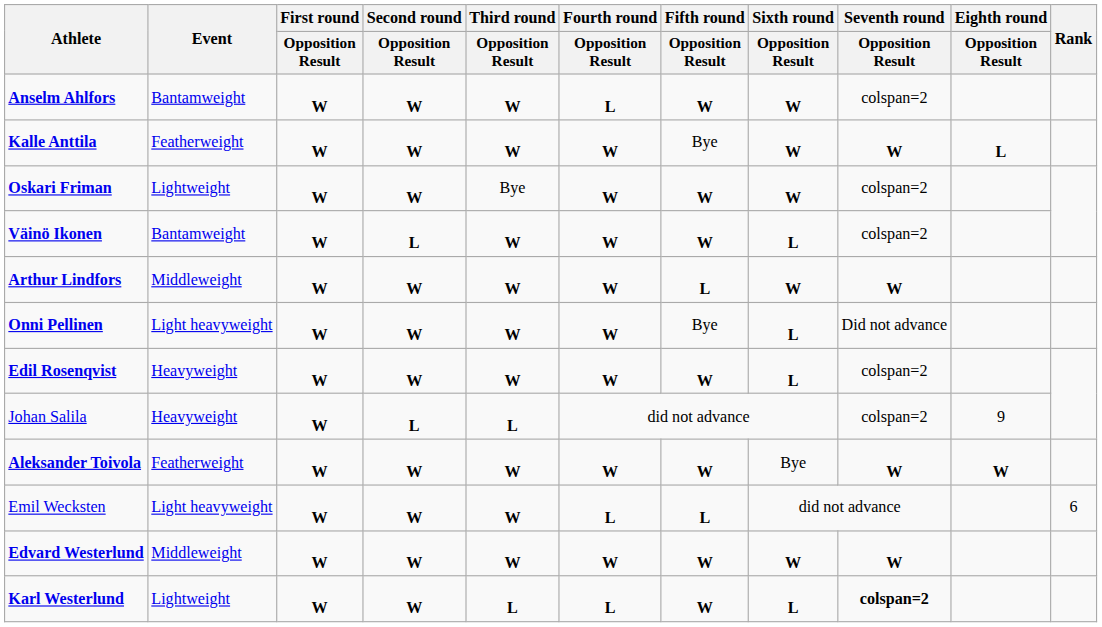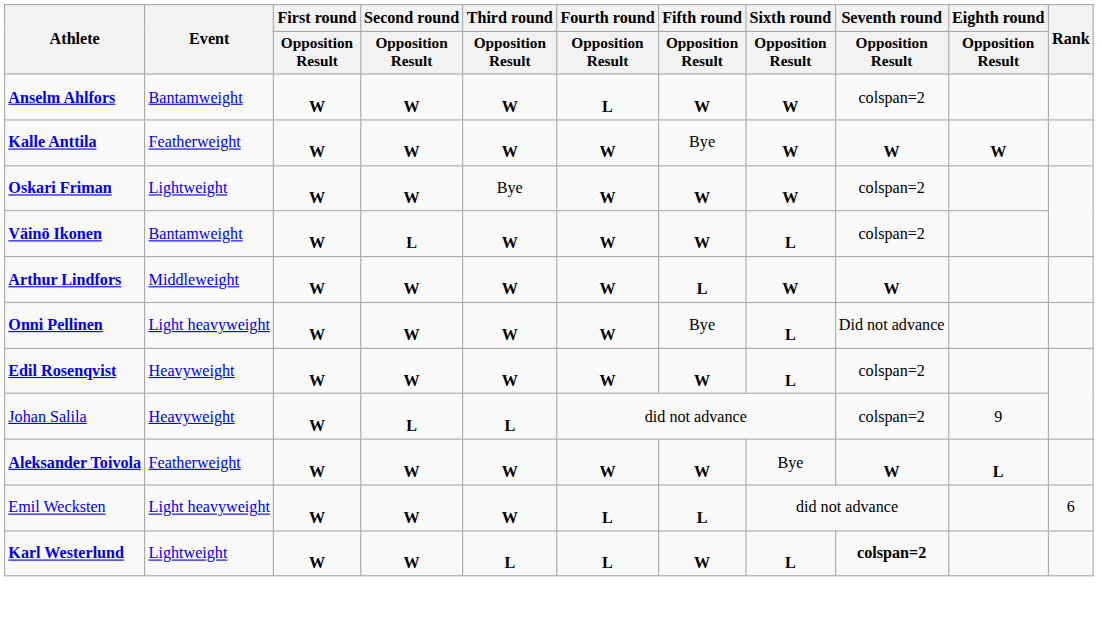 <table class="wikitable" style="font-size:90%;">
 <tr>
 <th rowspan=2>Athlete</th>
 <th rowspan=2>Event</th>
 <th>First round</th>
 <th>Second round</th>
 <th>Third round</th>
 <th>Fourth round</th>
 <th>Fifth round</th>
 <th>Sixth round</th>
 <th>Seventh round</th>
 <th>Eighth round</th>
 <th rowspan=2>Rank</th>
 </tr>
 <tr style="font-size: 95%">
 <th>Opposition<br>Result</th>
 <th>Opposition<br>Result</th>
 <th>Opposition<br>Result</th>
 <th>Opposition<br>Result</th>
 <th>Opposition<br>Result</th>
 <th>Opposition<br>Result</th>
 <th>Opposition<br>Result</th>
 <th>Opposition<br>Result</th>
 </tr>
 <tr align=center>
 <td align=left><strong><a href='#'>Anselm Ahlfors</a></strong></td>
 <td align=left><a href='#'>Bantamweight</a></td>
 <td> <br> <strong>W</strong></td>
 <td> <br> <strong>W</strong></td>
 <td> <br> <strong>W</strong></td>
 <td> <br> <strong>L</strong></td>
 <td> <br> <strong>W</strong></td>
 <td> <br> <strong>W</strong></td>
 <td>colspan=2 </td>
 <td></td>
 </tr>
 <tr align=center>
 <td align=left><strong><a href='#'>Kalle Anttila</a></strong></td>
 <td align=left><a href='#'>Featherweight</a></td>
 <td> <br> <strong>W</strong></td>
 <td> <br> <strong>W</strong></td>
 <td> <br> <strong>W</strong></td>
 <td> <br> <strong>W</strong></td>
 <td>Bye</td>
 <td> <br> <strong>W</strong></td>
 <td> <br> <strong>W</strong></td>
-<td> <br> <strong>L</strong></td>
+<td> <br> <strong>W</strong></td>
 <td></td>
 </tr>
 <tr align=center>
 <td align=left><strong><a href='#'>Oskari Friman</a></strong></td>
 <td align=left><a href='#'>Lightweight</a></td>
 <td> <br> <strong>W</strong></td>
 <td> <br> <strong>W</strong></td>
 <td>Bye</td>
 <td> <br> <strong>W</strong></td>
 <td> <br> <strong>W</strong></td>
 <td> <br> <strong>W</strong></td>
 <td>colspan=2 </td>
 <td></td>
 </tr>
 <tr align=center>
 <td align=left><strong><a href='#'>Väinö Ikonen</a></strong></td>
 <td align=left><a href='#'>Bantamweight</a></td>
 <td> <br> <strong>W</strong></td>
 <td> <br> <strong>L</strong></td>
 <td> <br> <strong>W</strong></td>
 <td> <br> <strong>W</strong></td>
 <td> <br> <strong>W</strong></td>
 <td> <br> <strong>L</strong></td>
 <td>colspan=2 </td>
 <td></td>
 </tr>
 <tr align=center>
 <td align=left><strong><a href='#'>Arthur Lindfors</a></strong></td>
 <td align=left><a href='#'>Middleweight</a></td>
 <td> <br> <strong>W</strong></td>
 <td> <br> <strong>W</strong></td>
 <td> <br> <strong>W</strong></td>
 <td> <br> <strong>W</strong></td>
 <td> <br> <strong>L</strong></td>
 <td> <br> <strong>W</strong></td>
 <td> <br> <strong>W</strong></td>
 <td></td>
 <td></td>
 </tr>
 <tr align=center>
 <td align=left><strong><a href='#'>Onni Pellinen</a></strong></td>
 <td align=left><a href='#'>Light heavyweight</a></td>
 <td> <br> <strong>W</strong></td>
 <td> <br> <strong>W</strong></td>
 <td> <br> <strong>W</strong></td>
 <td> <br> <strong>W</strong></td>
 <td>Bye</td>
 <td> <br> <strong>L</strong></td>
 <td>Did not advance</td>
 <td></td>
 <td></td>
 </tr>
 <tr align=center>
 <td align=left><strong><a href='#'>Edil Rosenqvist</a></strong></td>
 <td align=left><a href='#'>Heavyweight</a></td>
 <td> <br> <strong>W</strong></td>
 <td> <br> <strong>W</strong></td>
 <td> <br> <strong>W</strong></td>
 <td> <br> <strong>W</strong></td>
 <td> <br> <strong>W</strong></td>
 <td> <br> <strong>L</strong></td>
 <td>colspan=2 </td>
 <td></td>
 </tr>
 <tr align=center>
 <td align=left><a href='#'>Johan Salila</a></td>
 <td align=left><a href='#'>Heavyweight</a></td>
 <td> <br> <strong>W</strong></td>
 <td> <br> <strong>L</strong></td>
 <td> <br> <strong>L</strong></td>
 <td colspan=3>did not advance</td>
 <td>colspan=2 </td>
 <td>9</td>
 </tr>
 <tr align=center>
 <td align=left><strong><a href='#'>Aleksander Toivola</a></strong></td>
 <td align=left><a href='#'>Featherweight</a></td>
 <td> <br> <strong>W</strong></td>
 <td> <br> <strong>W</strong></td>
 <td> <br> <strong>W</strong></td>
 <td> <br> <strong>W</strong></td>
 <td> <br> <strong>W</strong></td>
 <td>Bye</td>
 <td> <br> <strong>W</strong></td>
-<td> <br> <strong>W</strong></td>
+<td> <br> <strong>L</strong></td>
 <td></td>
 </tr>
 <tr align=center>
 <td align=left><a href='#'>Emil Wecksten</a></td>
 <td align=left><a href='#'>Light heavyweight</a></td>
 <td> <br> <strong>W</strong></td>
 <td> <br> <strong>W</strong></td>
 <td> <br> <strong>W</strong></td>
 <td> <br> <strong>L</strong></td>
 <td> <br> <strong>L</strong></td>
 <td colspan=2>did not advance</td>
 <td></td>
 <td>6</td>
 </tr>
 <tr align=center>
-<td align=left><strong><a href='#'>Edvard Westerlund</a></strong></td>
-<td align=left><a href='#'>Middleweight</a></td>
-<td> <br> <strong>W</strong></td>
-<td> <br> <strong>W</strong></td>
-<td> <br> <strong>W</strong></td>
-<td> <br> <strong>W</strong></td>
-<td> <br> <strong>W</strong></td>
-<td> <br> <strong>W</strong></td>
-<td> <br> <strong>W</strong></td>
-<td></td>
-<td></td>
-</tr>
-<tr align=center>
 <td align=left><strong><a href='#'>Karl Westerlund</a></strong></td>
 <td align=left><a href='#'>Lightweight</a></td>
 <td> <br> <strong>W</strong></td>
 <td> <br> <strong>W</strong></td>
 <td> <br> <strong>L</strong></td>
 <td> <br> <strong>L</strong></td>
 <td> <br> <strong>W</strong></td>
 <td> <br> <strong>L</strong></td>
 <td><strong>colspan=2 </strong></td>
 <td></td>
 </tr>
 </table>
